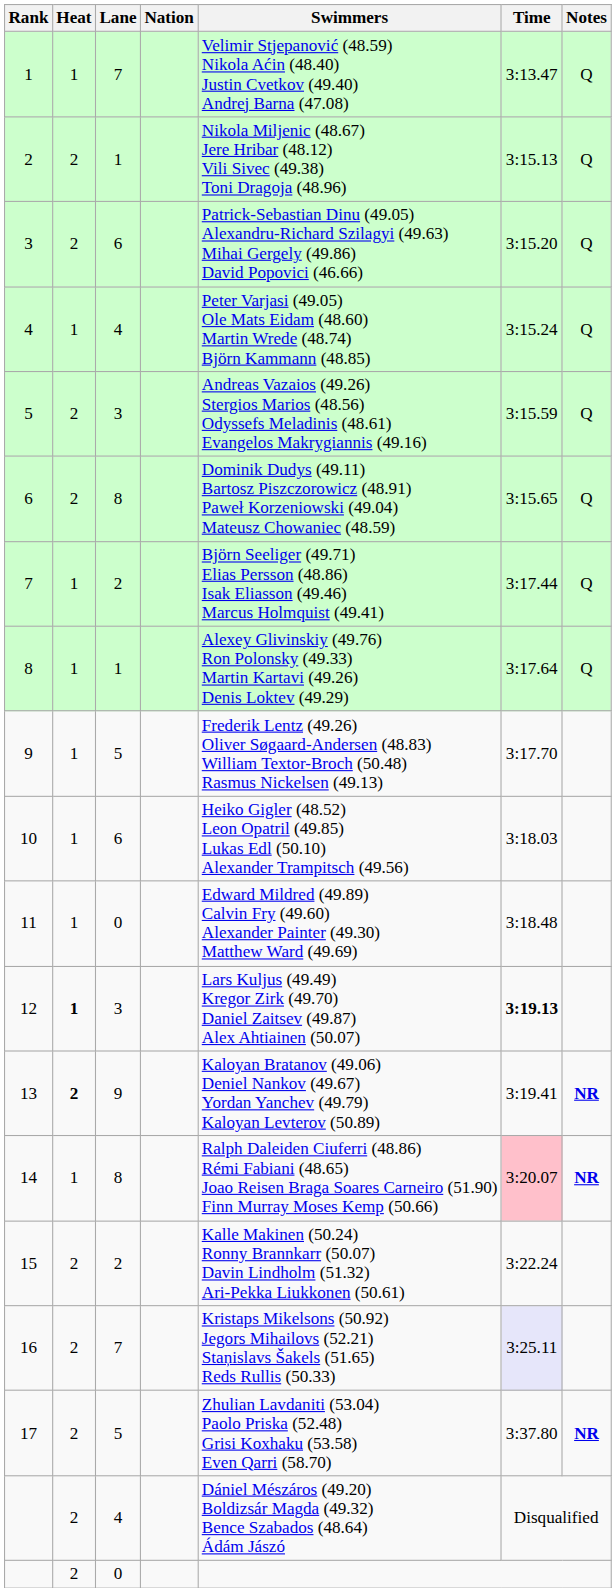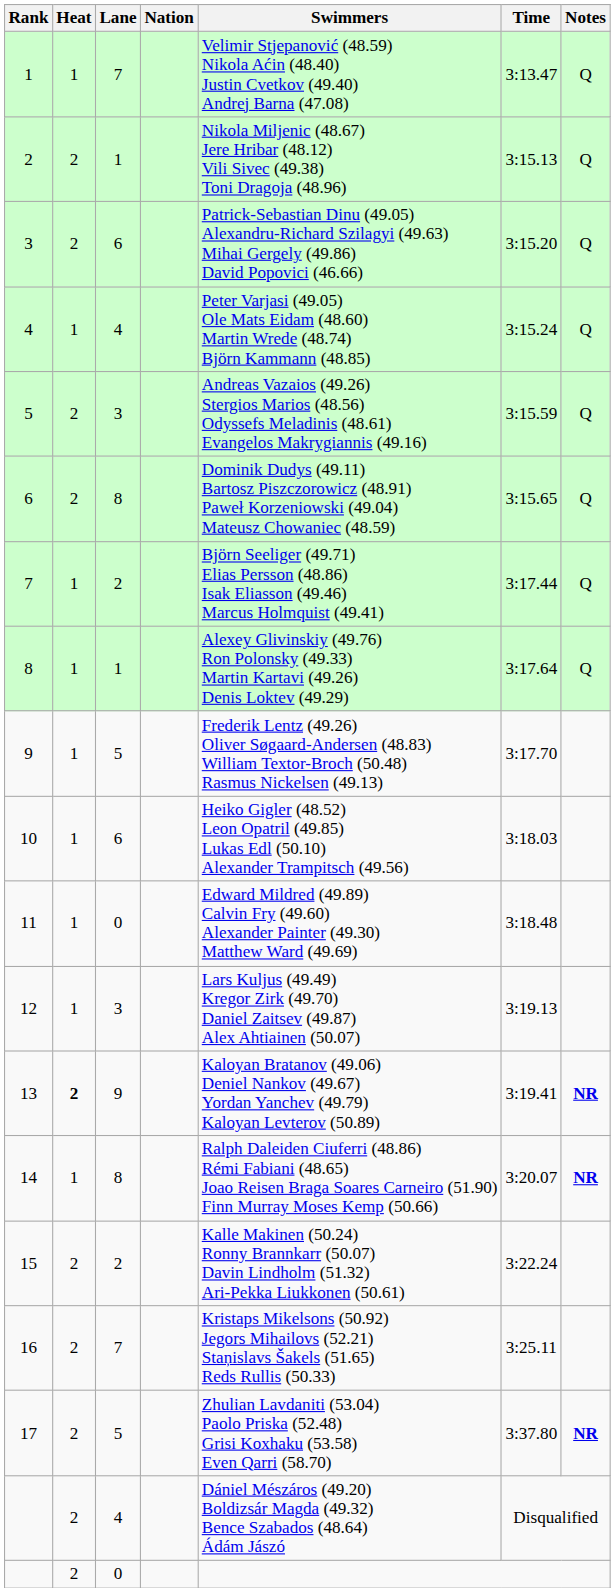 <table class="wikitable sortable" style="text-align:center">
 <tr>
 <th>Rank</th>
 <th>Heat</th>
 <th>Lane</th>
 <th>Nation</th>
 <th>Swimmers</th>
 <th>Time</th>
 <th>Notes</th>
 </tr>
 <tr bgcolor=ccffcc>
 <td>1</td>
 <td>1</td>
 <td>7</td>
 <td align=left></td>
 <td align=left><a href='#'>Velimir Stjepanović</a> (48.59)<br><a href='#'>Nikola Aćin</a> (48.40)<br><a href='#'>Justin Cvetkov</a> (49.40)<br><a href='#'>Andrej Barna</a> (47.08)</td>
 <td>3:13.47</td>
 <td>Q</td>
 </tr>
 <tr bgcolor=ccffcc>
 <td>2</td>
 <td>2</td>
 <td>1</td>
 <td align=left></td>
 <td align=left><a href='#'>Nikola Miljenic</a> (48.67)<br><a href='#'>Jere Hribar</a> (48.12)<br><a href='#'>Vili Sivec</a> (49.38)<br><a href='#'>Toni Dragoja</a> (48.96)</td>
 <td>3:15.13</td>
 <td>Q</td>
 </tr>
 <tr bgcolor=ccffcc>
 <td>3</td>
 <td>2</td>
 <td>6</td>
 <td align=left></td>
 <td align=left><a href='#'>Patrick-Sebastian Dinu</a> (49.05)<br><a href='#'>Alexandru-Richard Szilagyi</a> (49.63)<br><a href='#'>Mihai Gergely</a> (49.86)<br><a href='#'>David Popovici</a> (46.66)</td>
 <td>3:15.20</td>
 <td>Q</td>
 </tr>
 <tr bgcolor=ccffcc>
 <td>4</td>
 <td>1</td>
 <td>4</td>
 <td align=left></td>
 <td align=left><a href='#'>Peter Varjasi</a> (49.05)<br><a href='#'>Ole Mats Eidam</a> (48.60)<br><a href='#'>Martin Wrede</a> (48.74)<br><a href='#'>Björn Kammann</a> (48.85)</td>
 <td>3:15.24</td>
 <td>Q</td>
 </tr>
 <tr bgcolor=ccffcc>
 <td>5</td>
 <td>2</td>
 <td>3</td>
 <td align=left></td>
 <td align=left><a href='#'>Andreas Vazaios</a> (49.26)<br><a href='#'>Stergios Marios</a> (48.56)<br><a href='#'>Odyssefs Meladinis</a> (48.61)<br><a href='#'>Evangelos Makrygiannis</a> (49.16)</td>
 <td>3:15.59</td>
 <td>Q</td>
 </tr>
 <tr bgcolor=ccffcc>
 <td>6</td>
 <td>2</td>
 <td>8</td>
 <td align=left></td>
 <td align=left><a href='#'>Dominik Dudys</a> (49.11)<br><a href='#'>Bartosz Piszczorowicz</a> (48.91)<br><a href='#'>Paweł Korzeniowski</a> (49.04)<br><a href='#'>Mateusz Chowaniec</a> (48.59)</td>
 <td>3:15.65</td>
 <td>Q</td>
 </tr>
 <tr bgcolor=ccffcc>
 <td>7</td>
 <td>1</td>
 <td>2</td>
 <td align=left></td>
 <td align=left><a href='#'>Björn Seeliger</a> (49.71)<br><a href='#'>Elias Persson</a> (48.86)<br><a href='#'>Isak Eliasson</a> (49.46)<br><a href='#'>Marcus Holmquist</a> (49.41)</td>
 <td>3:17.44</td>
 <td>Q</td>
 </tr>
 <tr bgcolor=ccffcc>
 <td>8</td>
 <td>1</td>
 <td>1</td>
 <td align=left></td>
 <td align=left><a href='#'>Alexey Glivinskiy</a> (49.76)<br><a href='#'>Ron Polonsky</a> (49.33)<br><a href='#'>Martin Kartavi</a> (49.26)<br><a href='#'>Denis Loktev</a> (49.29)</td>
 <td>3:17.64</td>
 <td>Q</td>
 </tr>
 <tr>
 <td>9</td>
 <td>1</td>
 <td>5</td>
 <td align=left></td>
 <td align=left><a href='#'>Frederik Lentz</a> (49.26)<br><a href='#'>Oliver Søgaard-Andersen</a> (48.83)<br><a href='#'>William Textor-Broch</a> (50.48)<br><a href='#'>Rasmus Nickelsen</a> (49.13)</td>
 <td>3:17.70</td>
 <td></td>
 </tr>
 <tr>
 <td>10</td>
 <td>1</td>
 <td>6</td>
 <td align=left></td>
 <td align=left><a href='#'>Heiko Gigler</a> (48.52)<br><a href='#'>Leon Opatril</a> (49.85)<br><a href='#'>Lukas Edl</a> (50.10)<br><a href='#'>Alexander Trampitsch</a> (49.56)</td>
 <td>3:18.03</td>
 <td></td>
 </tr>
 <tr>
 <td>11</td>
 <td>1</td>
 <td>0</td>
 <td align=left></td>
 <td align=left><a href='#'>Edward Mildred</a> (49.89)<br><a href='#'>Calvin Fry</a> (49.60)<br><a href='#'>Alexander Painter</a> (49.30)<br><a href='#'>Matthew Ward</a> (49.69)</td>
 <td>3:18.48</td>
 <td></td>
 </tr>
 <tr>
 <td>12</td>
-<td><strong>1</strong></td>
+<td>1</td>
 <td>3</td>
 <td align=left></td>
 <td align=left><a href='#'>Lars Kuljus</a> (49.49)<br><a href='#'>Kregor Zirk</a> (49.70)<br><a href='#'>Daniel Zaitsev</a> (49.87)<br><a href='#'>Alex Ahtiainen</a> (50.07)</td>
-<td><strong>3:19.13</strong></td>
+<td>3:19.13</td>
 <td></td>
 </tr>
 <tr>
 <td>13</td>
 <td><strong>2</strong></td>
 <td>9</td>
 <td align=left></td>
 <td align=left><a href='#'>Kaloyan Bratanov</a> (49.06)<br><a href='#'>Deniel Nankov</a> (49.67)<br><a href='#'>Yordan Yanchev</a> (49.79)<br><a href='#'>Kaloyan Levterov</a> (50.89)</td>
 <td>3:19.41</td>
 <td><strong><a href='#'>NR</a></strong></td>
 </tr>
 <tr>
 <td>14</td>
 <td>1</td>
 <td>8</td>
 <td align=left></td>
 <td align=left><a href='#'>Ralph Daleiden Ciuferri</a> (48.86)<br><a href='#'>Rémi Fabiani</a> (48.65)<br><a href='#'>Joao Reisen Braga Soares Carneiro</a> (51.90)<br><a href='#'>Finn Murray Moses Kemp</a> (50.66)</td>
-<td style="background: pink;">3:20.07</td>
+<td>3:20.07</td>
 <td><strong><a href='#'>NR</a></strong></td>
 </tr>
 <tr>
 <td>15</td>
 <td>2</td>
 <td>2</td>
 <td align=left></td>
 <td align=left><a href='#'>Kalle Makinen</a> (50.24)<br><a href='#'>Ronny Brannkarr</a> (50.07)<br><a href='#'>Davin Lindholm</a> (51.32)<br><a href='#'>Ari-Pekka Liukkonen</a> (50.61)</td>
 <td>3:22.24</td>
 <td></td>
 </tr>
 <tr>
 <td>16</td>
 <td>2</td>
 <td>7</td>
 <td align=left></td>
 <td align=left><a href='#'>Kristaps Mikelsons</a> (50.92)<br><a href='#'>Jegors Mihailovs</a> (52.21)<br><a href='#'>Staņislavs Šakels</a> (51.65)<br><a href='#'>Reds Rullis</a> (50.33)</td>
-<td style="background: lavender;">3:25.11</td>
+<td>3:25.11</td>
 <td></td>
 </tr>
 <tr>
 <td>17</td>
 <td>2</td>
 <td>5</td>
 <td align=left></td>
 <td align=left><a href='#'>Zhulian Lavdaniti</a> (53.04)<br><a href='#'>Paolo Priska</a> (52.48)<br><a href='#'>Grisi Koxhaku</a> (53.58)<br><a href='#'>Even Qarri</a> (58.70)</td>
 <td>3:37.80</td>
 <td><strong><a href='#'>NR</a></strong></td>
 </tr>
 <tr>
 <td></td>
 <td>2</td>
 <td>4</td>
 <td align=left></td>
 <td align=left><a href='#'>Dániel Mészáros</a> (49.20)<br><a href='#'>Boldizsár Magda</a> (49.32)<br><a href='#'>Bence Szabados</a> (48.64)<br><a href='#'>Ádám Jászó</a></td>
 <td colspan="2">Disqualified</td>
 </tr>
 <tr>
 <td></td>
 <td>2</td>
 <td>0</td>
 <td align=left></td>
 <td colspan=3></td>
 </tr>
 </table>
